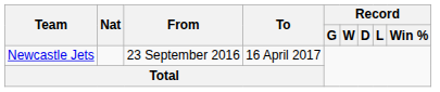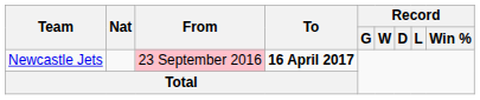 <table class="wikitable" style="text-align: center">
 <tr>
 <th rowspan=2>Team</th>
 <th rowspan=2>Nat</th>
 <th rowspan=2>From</th>
 <th rowspan=2>To</th>
 <th colspan=5>Record</th>
 </tr>
 <tr>
 <th>G</th>
 <th>W</th>
 <th>D</th>
 <th>L</th>
 <th>Win %</th>
 </tr>
 <tr>
 <td align=left><a href='#'>Newcastle Jets</a></td>
 <td></td>
-<td align=left>23 September 2016</td>
-<td align=left>16 April 2017<br></td>
+<td align=left style="background: pink;">23 September 2016</td>
+<td align=left><strong>16 April 2017<br></strong></td>
 </tr>
 <tr>
 <th colspan=4>Total<br></th>
 </tr>
 </table>
